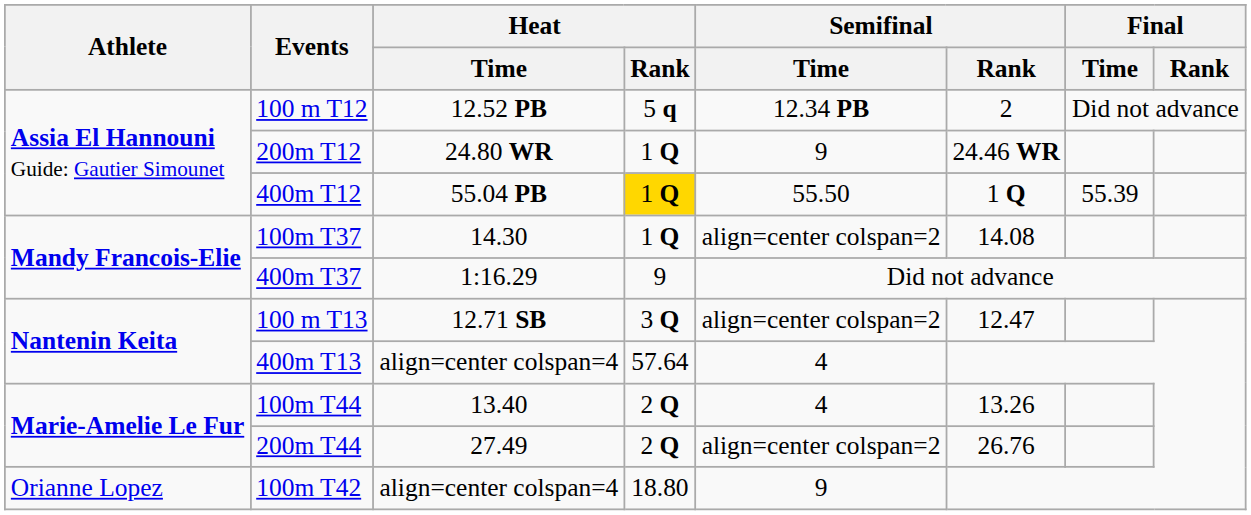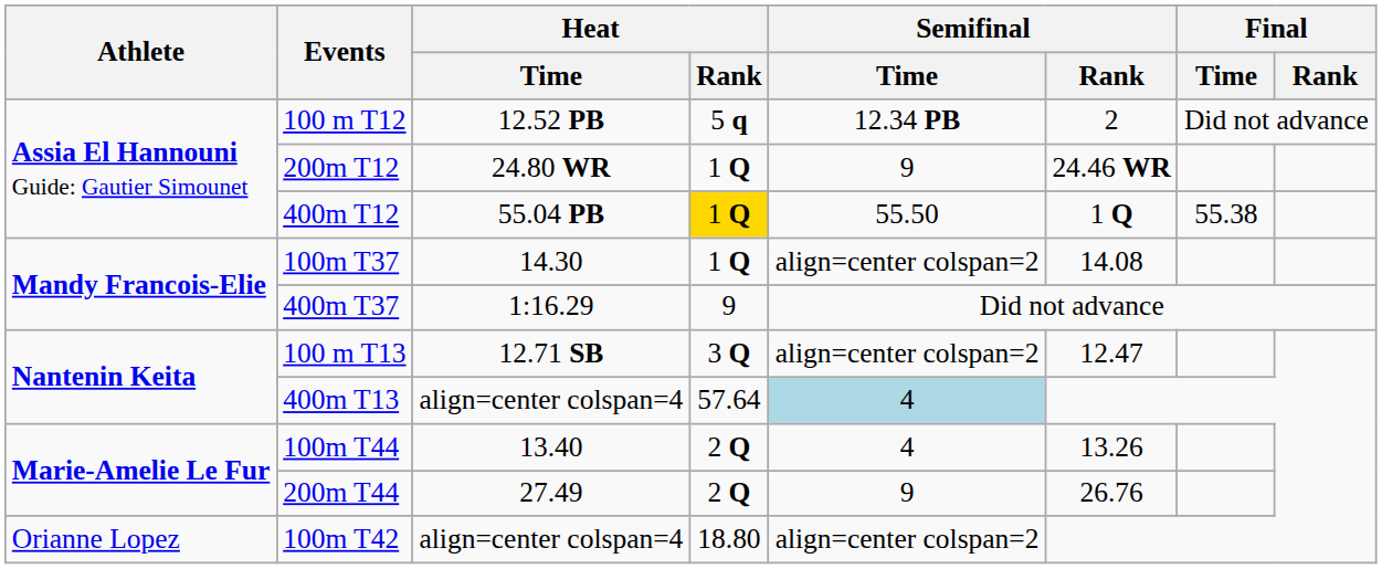 <table class=wikitable style="font-size:90%">
 <tr>
 <th rowspan="2">Athlete</th>
 <th rowspan="2">Events</th>
 <th colspan="2">Heat</th>
 <th colspan="2">Semifinal</th>
 <th colspan="2">Final</th>
 </tr>
 <tr>
 <th>Time</th>
 <th>Rank</th>
 <th>Time</th>
 <th>Rank</th>
 <th>Time</th>
 <th>Rank</th>
 </tr>
 <tr>
 <td align=left rowspan=3><strong><a href='#'>Assia El Hannouni</a></strong><br><small>Guide: <a href='#'>Gautier Simounet</a></small></td>
 <td align=left><a href='#'>100 m T12</a></td>
 <td align=center>12.52 <strong>PB</strong></td>
 <td align=center>5 <strong>q</strong></td>
 <td align=center>12.34 <strong>PB</strong></td>
 <td align=center>2</td>
 <td align=center colspan=2>Did not advance</td>
 </tr>
 <tr>
 <td align=left><a href='#'>200m T12</a></td>
 <td align=center>24.80 <strong>WR</strong></td>
 <td align=center>1 <strong>Q</strong></td>
 <td align=center>9</td>
 <td align=center>24.46 <strong>WR</strong></td>
 <td align=center></td>
 </tr>
 <tr>
 <td align=left><a href='#'>400m T12</a></td>
 <td align=center>55.04 <strong>PB</strong></td>
 <td align=center style="background: gold;">1 <strong>Q</strong></td>
 <td align=center>55.50</td>
 <td align=center>1 <strong>Q</strong></td>
-<td align=center>55.39</td>
+<td align=center>55.38</td>
 <td align=center></td>
 </tr>
 <tr>
 <td align=left rowspan=2><strong><a href='#'>Mandy Francois-Elie</a></strong></td>
 <td align=left><a href='#'>100m T37</a></td>
 <td align=center>14.30</td>
 <td align=center>1 <strong>Q</strong></td>
 <td>align=center colspan=2 </td>
 <td align=center>14.08</td>
 <td align=center></td>
 </tr>
 <tr>
 <td align=left><a href='#'>400m T37</a></td>
 <td align=center>1:16.29</td>
 <td align=center>9</td>
 <td align=center colspan=4>Did not advance</td>
 </tr>
 <tr>
 <td align=left rowspan=2><strong><a href='#'>Nantenin Keita</a></strong></td>
 <td align=left><a href='#'>100 m T13</a></td>
 <td align=center>12.71 <strong>SB</strong></td>
 <td align=center>3 <strong>Q</strong></td>
 <td>align=center colspan=2 </td>
 <td align=center>12.47</td>
 <td align=center></td>
 </tr>
 <tr>
 <td align=left><a href='#'>400m T13</a></td>
 <td>align=center colspan=4 </td>
 <td align=center>57.64</td>
-<td align=center>4</td>
+<td align=center style="background: lightblue;">4</td>
 </tr>
 <tr>
 <td align=left rowspan=2><strong><a href='#'>Marie-Amelie Le Fur</a></strong></td>
 <td align=left><a href='#'>100m T44</a></td>
 <td align=center>13.40</td>
 <td align=center>2 <strong>Q</strong></td>
 <td align=center>4</td>
 <td align=center>13.26</td>
 <td align=center></td>
 </tr>
 <tr>
 <td align=left><a href='#'>200m T44</a></td>
 <td align=center>27.49</td>
 <td align=center>2 <strong>Q</strong></td>
-<td>align=center colspan=2 </td>
+<td align=center>9</td>
 <td align=center>26.76</td>
 <td align=center></td>
 </tr>
 <tr>
 <td align=left><a href='#'>Orianne Lopez</a></td>
 <td align=left><a href='#'>100m T42</a></td>
 <td>align=center colspan=4 </td>
 <td align=center>18.80</td>
-<td align=center>9</td>
+<td>align=center colspan=2 </td>
 </tr>
 </table>
